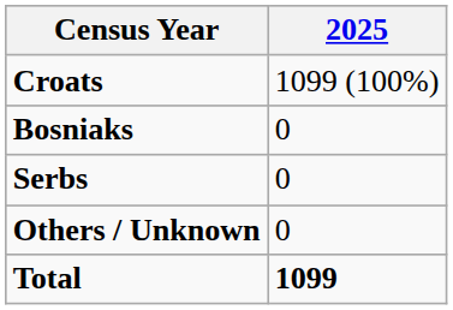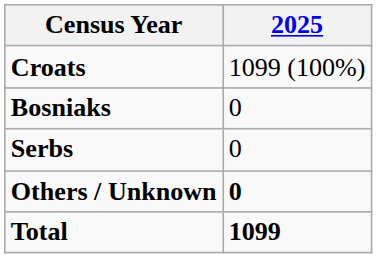 <table class="wikitable">
 <tr>
 <th>Census Year</th>
 <th><a href='#'>2025</a></th>
 </tr>
 <tr>
 <td><strong>Croats</strong></td>
 <td>1099 (100%)</td>
 </tr>
 <tr>
 <td><strong>Bosniaks</strong></td>
 <td>0</td>
 </tr>
 <tr>
 <td><strong>Serbs</strong></td>
 <td>0</td>
 </tr>
 <tr>
 <td><strong>Others / Unknown</strong></td>
-<td>0</td>
+<td><strong>0</strong></td>
 </tr>
 <tr>
 <td><strong>Total</strong></td>
 <td><strong>1099</strong></td>
 </tr>
 </table>
